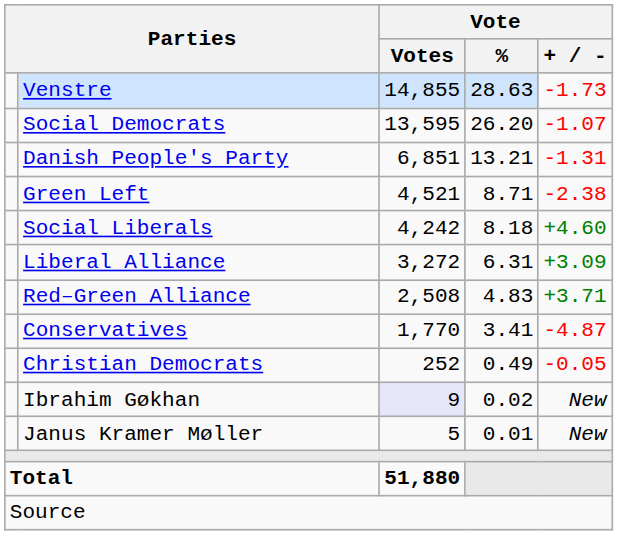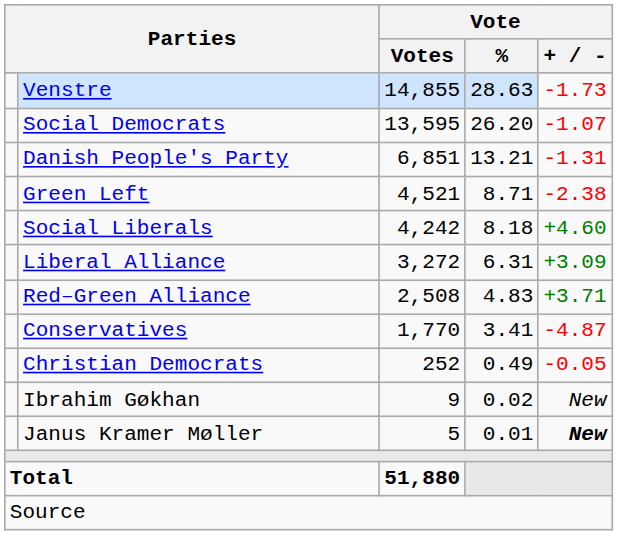 <table class="wikitable" style="text-align:right;">
 <tr>
 <th style="text-align:centre;" rowspan="2" colspan="2" width="225">Parties</th>
 <th colspan="3">Vote</th>
 </tr>
 <tr>
 <th width="15">Votes</th>
 <th width="15">%</th>
 <th width="15">+ / -</th>
 </tr>
 <tr>
 <td width="2" style="color:inherit;background:"></td>
 <td bgcolor=#cfe5fe  align="left"><a href='#'>Venstre</a></td>
 <td bgcolor=#cfe5fe>14,855</td>
 <td bgcolor=#cfe5fe>28.63</td>
 <td style=color:red;>-1.73</td>
 </tr>
 <tr>
 <td width="2" style="color:inherit;background:"></td>
 <td align="left"><a href='#'>Social Democrats</a></td>
 <td>13,595</td>
 <td>26.20</td>
 <td style=color:red;>-1.07</td>
 </tr>
 <tr>
 <td width="2" style="color:inherit;background:"></td>
 <td align="left"><a href='#'>Danish People's Party</a></td>
 <td>6,851</td>
 <td>13.21</td>
 <td style=color:red;>-1.31</td>
 </tr>
 <tr>
 <td width="2" style="color:inherit;background:"></td>
 <td align="left"><a href='#'>Green Left</a></td>
 <td>4,521</td>
 <td>8.71</td>
 <td style=color:red;>-2.38</td>
 </tr>
 <tr>
 <td width="2" style="color:inherit;background:"></td>
 <td align="left"><a href='#'>Social Liberals</a></td>
 <td>4,242</td>
 <td>8.18</td>
 <td style=color:green;>+4.60</td>
 </tr>
 <tr>
 <td width="2" style="color:inherit;background:"></td>
 <td align="left"><a href='#'>Liberal Alliance</a></td>
 <td>3,272</td>
 <td>6.31</td>
 <td style=color:green;>+3.09</td>
 </tr>
 <tr>
 <td width="2" style="color:inherit;background:"></td>
 <td align="left"><a href='#'>Red–Green Alliance</a></td>
 <td>2,508</td>
 <td>4.83</td>
 <td style=color:green;>+3.71</td>
 </tr>
 <tr>
 <td width="2" style="color:inherit;background:"></td>
 <td align="left"><a href='#'>Conservatives</a></td>
 <td>1,770</td>
 <td>3.41</td>
 <td style=color:red;>-4.87</td>
 </tr>
 <tr>
 <td width="2" style="color:inherit;background:"></td>
 <td align="left"><a href='#'>Christian Democrats</a></td>
 <td>252</td>
 <td>0.49</td>
 <td style=color:red;>-0.05</td>
 </tr>
 <tr>
 <td width="2" style="color:inherit;background:"></td>
 <td align="left">Ibrahim Gøkhan</td>
-<td style="background: lavender;">9</td>
+<td>9</td>
 <td>0.02</td>
 <td><em>New</em></td>
 </tr>
 <tr>
 <td width="2" style="color:inherit;background:"></td>
 <td align="left">Janus Kramer Møller</td>
 <td>5</td>
 <td>0.01</td>
-<td><em>New</em></td>
+<td><strong><em>New</em></strong></td>
 </tr>
 <tr>
 <td colspan="7" bgcolor="#E9E9E9"></td>
 </tr>
 <tr>
 <td align="left" colspan="2"><strong>Total</strong></td>
 <td><strong>51,880</strong></td>
 <td bgcolor="#E9E9E9" colspan="2"></td>
 </tr>
 <tr>
 <td align="left" colspan="6">Source</td>
 </tr>
 </table>
